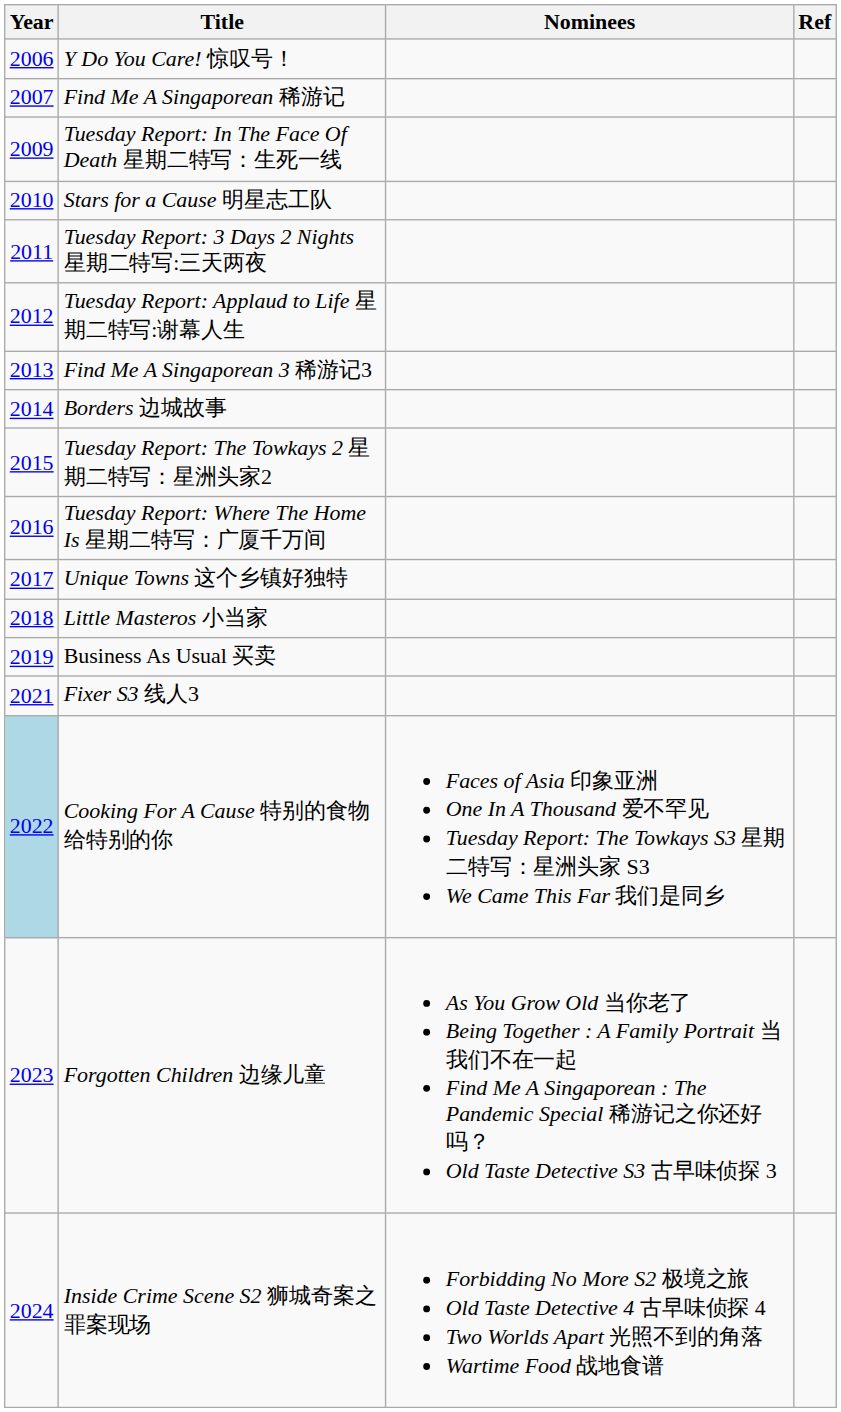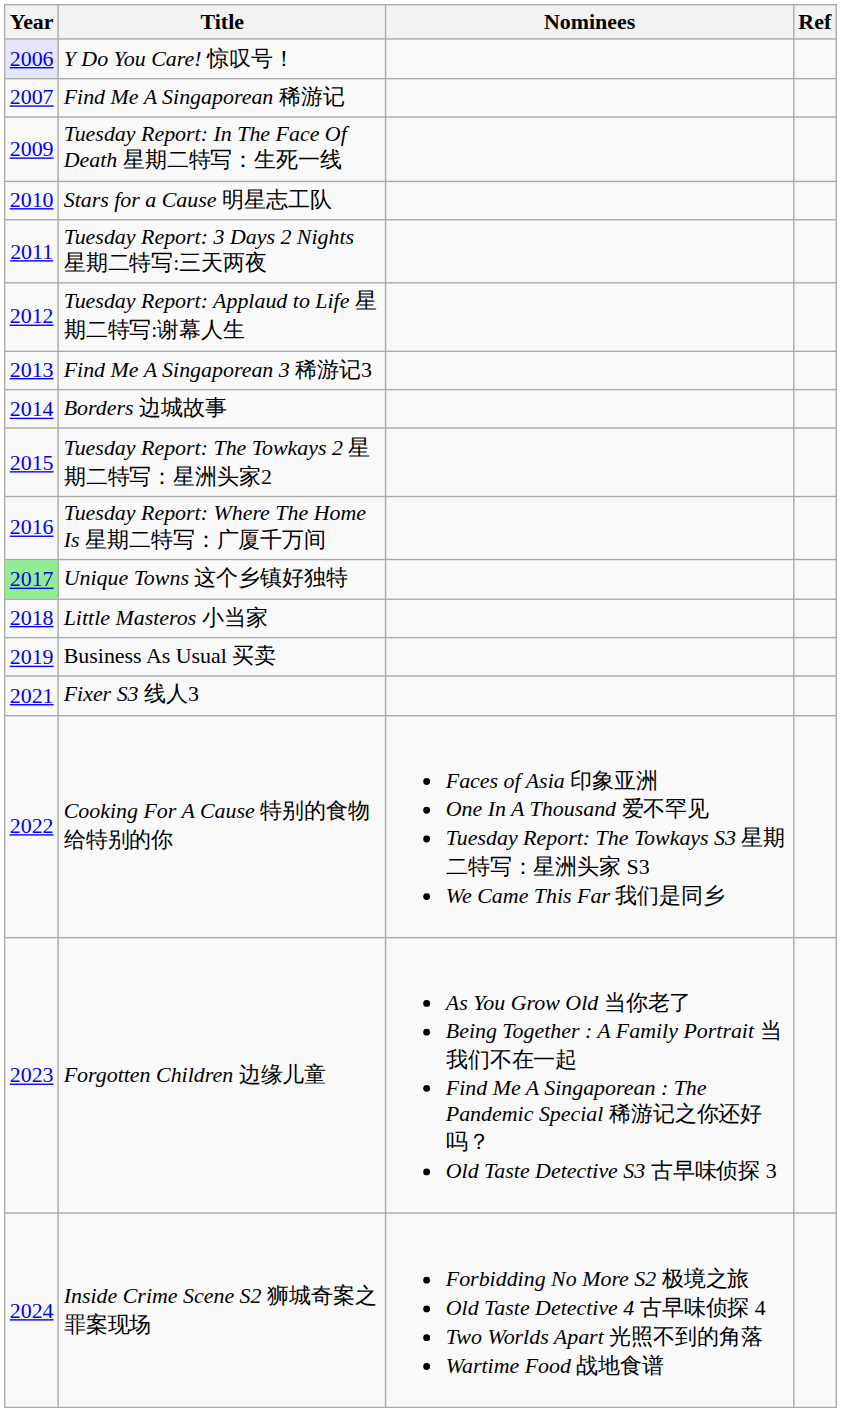 <table class="wikitable sortable">
 <tr>
 <th>Year</th>
 <th>Title</th>
 <th>Nominees</th>
 <th>Ref</th>
 </tr>
 <tr>
-<td style="text-align:center;"><a href='#'>2006</a></td>
+<td style="background: lavender; text-align:center;"><a href='#'>2006</a></td>
 <td><em>Y Do You Care!</em> 惊叹号！</td>
 <td></td>
 <td></td>
 </tr>
 <tr>
 <td style="text-align:center;"><a href='#'>2007</a></td>
 <td><em>Find Me A Singaporean</em> 稀游记</td>
 <td></td>
 <td></td>
 </tr>
 <tr>
 <td style="text-align:center;"><a href='#'>2009</a></td>
 <td><em>Tuesday Report: In The Face Of Death</em> 星期二特写：生死一线</td>
 <td></td>
 <td></td>
 </tr>
 <tr>
 <td style="text-align:center;"><a href='#'>2010</a></td>
 <td><em>Stars for a Cause</em> 明星志工队</td>
 <td></td>
 <td></td>
 </tr>
 <tr>
 <td style="text-align:center;"><a href='#'>2011</a></td>
 <td><em>Tuesday Report: 3 Days 2 Nights</em> 星期二特写:三天两夜</td>
 <td></td>
 <td></td>
 </tr>
 <tr>
 <td style="text-align:center;"><a href='#'>2012</a></td>
 <td><em>Tuesday Report: Applaud to Life</em> 星期二特写:谢幕人生</td>
 <td></td>
 <td></td>
 </tr>
 <tr>
 <td style="text-align:center;"><a href='#'>2013</a></td>
 <td><em>Find Me A Singaporean 3</em> 稀游记3</td>
 <td></td>
 <td></td>
 </tr>
 <tr>
 <td style="text-align:center;"><a href='#'>2014</a></td>
 <td><em>Borders</em> 边城故事</td>
 <td></td>
 <td></td>
 </tr>
 <tr>
 <td style="text-align:center;"><a href='#'>2015</a></td>
 <td><em>Tuesday Report: The Towkays 2</em> 星期二特写：星洲头家2</td>
 <td></td>
 <td></td>
 </tr>
 <tr>
 <td style="text-align:center;"><a href='#'>2016</a></td>
 <td><em>Tuesday Report: Where The Home Is</em> 星期二特写：广厦千万间</td>
 <td></td>
 <td></td>
 </tr>
 <tr>
-<td style="text-align:center;"><a href='#'>2017</a></td>
+<td style="background: lightgreen; text-align:center;"><a href='#'>2017</a></td>
 <td><em>Unique Towns</em> 这个乡镇好独特</td>
 <td></td>
 <td></td>
 </tr>
 <tr>
 <td style="text-align:center;"><a href='#'>2018</a></td>
 <td><em>Little Masteros</em> 小当家</td>
 <td></td>
 <td></td>
 </tr>
 <tr>
 <td style="text-align:center;"><a href='#'>2019</a></td>
 <td>Business As Usual 买卖</td>
 <td></td>
 <td></td>
 </tr>
 <tr>
 <td style="text-align:center;"><a href='#'>2021</a></td>
 <td><em>Fixer S3</em> 线人3</td>
 <td></td>
 <td></td>
 </tr>
 <tr>
-<td style="background: lightblue; text-align:center;"><a href='#'>2022</a></td>
+<td style="text-align:center;"><a href='#'>2022</a></td>
 <td><em>Cooking For A Cause</em> 特别的食物给特别的你</td>
 <td {{smalldiv><br><ul><li><em>Faces of Asia</em> 印象亚洲</li><li><em>One In A Thousand</em> 爱不罕见</li><li><em>Tuesday Report: The Towkays S3</em> 星期二特写：星洲头家 S3</li><li><em>We Came This Far</em> 我们是同乡</li></ul></td>
 <td></td>
 </tr>
 <tr>
 <td style="text-align:center;"><a href='#'>2023</a></td>
 <td><em>Forgotten Children</em> 边缘儿童</td>
 <td {{smalldiv><br><ul><li><em>As You Grow Old</em> 当你老了</li><li><em>Being Together : A Family Portrait</em> 当我们不在一起</li><li><em>Find Me A Singaporean : The Pandemic Special</em> 稀游记之你还好吗？</li><li><em>Old Taste Detective S3</em> 古早味侦探 3</li></ul></td>
 <td></td>
 </tr>
 <tr>
 <td style="text-align:center;"><a href='#'>2024</a></td>
 <td><em>Inside Crime Scene S2</em> 狮城奇案之罪案现场</td>
 <td {{smalldiv><br><ul><li><em>Forbidding No More S2</em> 极境之旅</li><li><em>Old Taste Detective 4</em> 古早味侦探 4</li><li><em>Two Worlds Apart</em> 光照不到的角落</li><li><em>Wartime Food</em> 战地食谱</li></ul></td>
 <td></td>
 </tr>
 <tr>
 </tr>
 </table>
